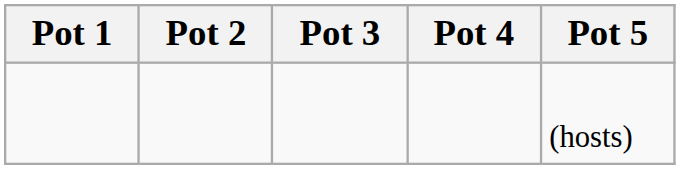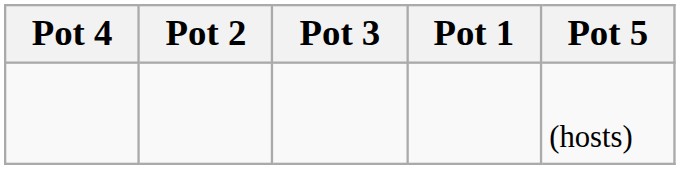 <table class="wikitable">
 <tr>
-<th width=15%>Pot 1</th>
+<th width=15%>Pot 4</th>
 <th width=15%>Pot 2</th>
 <th width=15%>Pot 3</th>
-<th width=15%>Pot 4</th>
+<th width=15%>Pot 1</th>
 <th width=15%>Pot 5</th>
 </tr>
 <tr>
 <td valign="top"><br></td>
 <td valign="top"><br></td>
 <td valign="top"><br></td>
 <td valign="top"><br></td>
 <td valign="top"><br> <small>(hosts)</small></td>
 </tr>
 </table>
